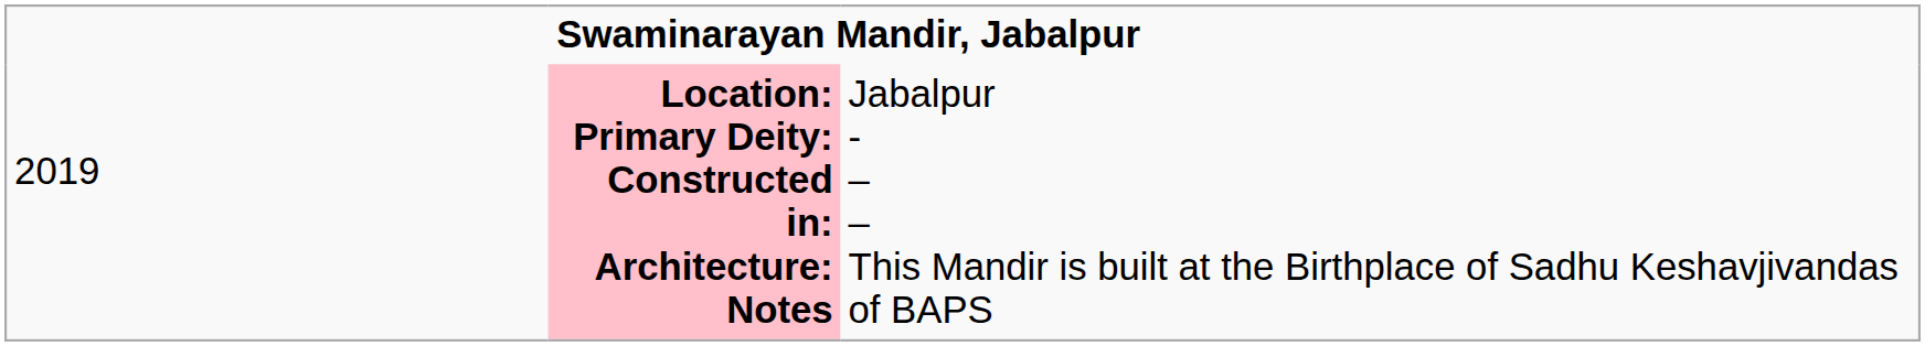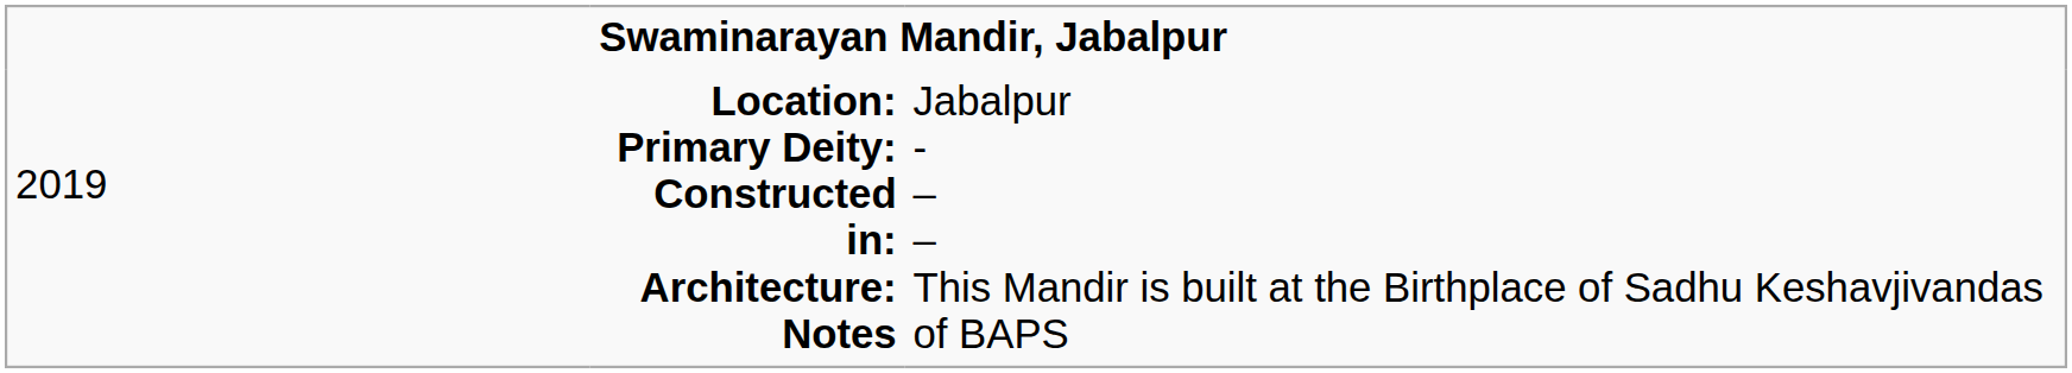 <table class="wikitable plain" width="800" border="0">
 <tr>
 <td rowspan="2" style="border:none;" width="220px">2019</td>
 <td colspan="2" style="border:none;" valign="top"><strong>Swaminarayan Mandir, Jabalpur</strong></td>
 </tr>
 <tr>
-<td style="background: pink; text-align:right; border:none;" valign="top"><strong>Location:</strong> <br><strong>Primary Deity:</strong><br><strong>Constructed in:</strong><br><strong>Architecture:</strong><br><strong>Notes</strong></td>
+<td style="text-align:right; border:none;" valign="top"><strong>Location:</strong> <br><strong>Primary Deity:</strong><br><strong>Constructed in:</strong><br><strong>Architecture:</strong><br><strong>Notes</strong></td>
 <td style="border:none;" valign="top">Jabalpur<br>- <br>– <br>– <br>This Mandir is built at the Birthplace of Sadhu Keshavjivandas of BAPS</td>
 </tr>
 </table>
